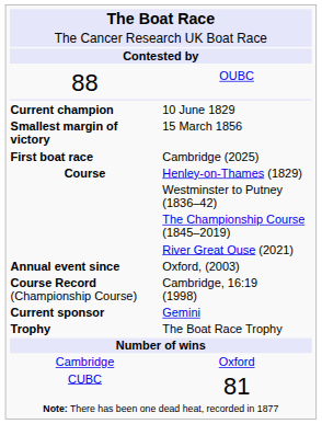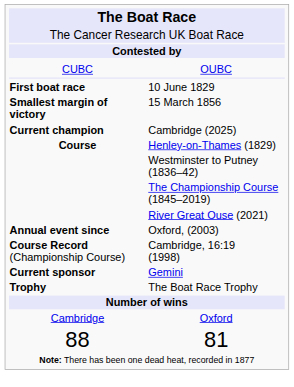 <table class="infobox" style="width: 26em; font-size: 95%;">
 <tr>
 <td colspan="2" style="text-align: center; font-size: 130%;background:lavender;"><strong>The Boat Race</strong><br><small>The Cancer Research UK Boat Race</small></td>
 </tr>
 <tr>
 <td colspan="2" style="text-align: center; font-size: 100%; background:lavender;"><strong>Contested by</strong></td>
 </tr>
 <tr>
 <td style="width:50%; vertical-align:middle; text-align:center;"></td>
 <td style="width:50%; vertical-align:middle; text-align:center;"></td>
 </tr>
 <tr>
-<td style="text-align:center;font-size: 200%;">88</td>
+<td style="text-align:center;"><a href='#'>CUBC</a></td>
 <td style="text-align:center;"><a href='#'>OUBC</a></td>
 </tr>
 <tr>
 <td colspan="2" style="text-align: center; font-size: 100%; background:lavender;"></td>
 </tr>
 <tr>
-<td><strong>Current champion</strong></td>
+<td><strong>First boat race</strong></td>
 <td>10 June 1829</td>
 </tr>
 <tr>
 <td><strong>Smallest margin of victory</strong></td>
 <td>15 March 1856</td>
 </tr>
 <tr>
-<td><strong>First boat race</strong></td>
+<td><strong>Current champion</strong></td>
 <td>Cambridge (2025)</td>
 </tr>
 <tr>
 <th rowspan="2"><strong>Course</strong></th>
 <td><a href='#'>Henley-on-Thames</a> (1829)</td>
 </tr>
 <tr>
 <td>Westminster to Putney (1836–42)</td>
 </tr>
 <tr>
 <td></td>
 <td><a href='#'>The Championship Course</a> (1845–2019)</td>
 </tr>
 <tr>
 <td></td>
 <td><a href='#'>River Great Ouse</a> (2021)</td>
 </tr>
 <tr>
 <td><strong>Annual event since</strong></td>
 <td>Oxford,  (2003)</td>
 </tr>
 <tr>
 <td><strong>Course Record</strong> (Championship Course)</td>
 <td>Cambridge, 16:19<br>(1998)</td>
 </tr>
 <tr>
 <td><strong>Current sponsor</strong></td>
 <td><a href='#'>Gemini</a></td>
 </tr>
 <tr>
 <td><strong>Trophy</strong></td>
 <td>The Boat Race Trophy</td>
 </tr>
 <tr>
 <td colspan="2" style="text-align: center; font-size: 100%; background:lavender;"><strong>Number of wins</strong></td>
 </tr>
 <tr>
 <td style="text-align:center;"><a href='#'>Cambridge</a></td>
 <td style="text-align:center;"><a href='#'>Oxford</a></td>
 </tr>
 <tr>
-<td style="text-align:center;"><a href='#'>CUBC</a></td>
+<td style="text-align:center;font-size: 200%;">88</td>
 <td style="text-align:center;font-size: 200%;">81</td>
 </tr>
 <tr>
 <td colspan="2" style="text-align: center; font-size: 80%;"><strong>Note:</strong> There has been one dead heat, recorded in 1877</td>
 </tr>
 </table>
